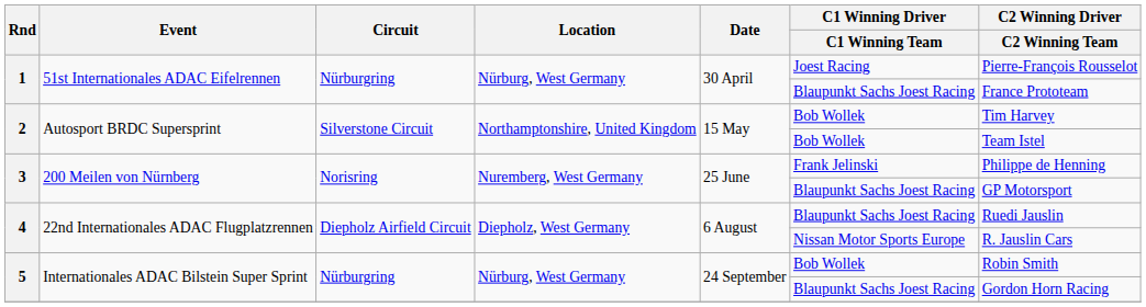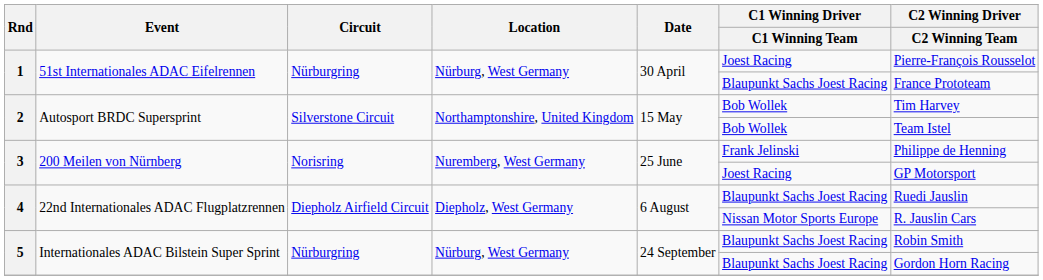 <table class="wikitable" style="font-size: 90%;">
 <tr>
 <th rowspan=2>Rnd</th>
 <th rowspan=2>Event</th>
 <th rowspan=2>Circuit</th>
 <th rowspan=2>Location</th>
 <th rowspan=2>Date</th>
 <th>C1 Winning Driver</th>
 <th>C2 Winning Driver</th>
 </tr>
 <tr>
 <th>C1 Winning Team</th>
 <th>C2 Winning Team</th>
 </tr>
 <tr>
 <th rowspan=2>1</th>
 <td rowspan=2><a href='#'>51st Internationales ADAC Eifelrennen</a></td>
 <td rowspan=2><a href='#'>Nürburgring</a></td>
 <td rowspan=2> <a href='#'>Nürburg</a>, <a href='#'>West Germany</a></td>
 <td rowspan=2>30 April</td>
 <td> <a href='#'>Joest Racing</a></td>
 <td> <a href='#'>Pierre-François Rousselot</a></td>
 </tr>
 <tr>
 <td> <a href='#'>Blaupunkt Sachs Joest Racing</a></td>
 <td> <a href='#'>France Prototeam</a></td>
 </tr>
 <tr>
 <th rowspan=2>2</th>
 <td rowspan=2>Autosport BRDC Supersprint</td>
 <td rowspan=2><a href='#'>Silverstone Circuit</a></td>
 <td rowspan=2> <a href='#'>Northamptonshire</a>, <a href='#'>United Kingdom</a></td>
 <td rowspan=2>15 May</td>
 <td> <a href='#'>Bob Wollek</a></td>
 <td> <a href='#'>Tim Harvey</a></td>
 </tr>
 <tr>
 <td> <a href='#'>Bob Wollek</a></td>
 <td> <a href='#'>Team Istel</a></td>
 </tr>
 <tr>
 <th rowspan=2>3</th>
 <td rowspan=2><a href='#'>200 Meilen von Nürnberg</a></td>
 <td rowspan=2><a href='#'>Norisring</a></td>
 <td rowspan=2> <a href='#'>Nuremberg</a>, <a href='#'>West Germany</a></td>
 <td rowspan=2>25 June</td>
 <td> <a href='#'>Frank Jelinski</a></td>
 <td> <a href='#'>Philippe de Henning</a></td>
 </tr>
 <tr>
-<td> <a href='#'>Blaupunkt Sachs Joest Racing</a></td>
+<td> <a href='#'>Joest Racing</a></td>
 <td> <a href='#'>GP Motorsport</a></td>
 </tr>
 <tr>
 <th rowspan=2>4</th>
 <td rowspan=2>22nd Internationales ADAC Flugplatzrennen</td>
 <td rowspan=2><a href='#'>Diepholz Airfield Circuit</a></td>
 <td rowspan=2> <a href='#'>Diepholz</a>, <a href='#'>West Germany</a></td>
 <td rowspan=2>6 August</td>
 <td> <a href='#'>Blaupunkt Sachs Joest Racing</a></td>
 <td> <a href='#'>Ruedi Jauslin</a></td>
 </tr>
 <tr>
 <td> <a href='#'>Nissan Motor Sports Europe</a></td>
 <td> <a href='#'>R. Jauslin Cars</a></td>
 </tr>
 <tr>
 <th rowspan=2>5</th>
 <td rowspan=2>Internationales ADAC Bilstein Super Sprint</td>
 <td rowspan=2><a href='#'>Nürburgring</a></td>
 <td rowspan=2> <a href='#'>Nürburg</a>, <a href='#'>West Germany</a></td>
 <td rowspan=2>24 September</td>
-<td> <a href='#'>Bob Wollek</a></td>
+<td> <a href='#'>Blaupunkt Sachs Joest Racing</a></td>
 <td> <a href='#'>Robin Smith</a></td>
 </tr>
 <tr>
 <td> <a href='#'>Blaupunkt Sachs Joest Racing</a></td>
 <td> <a href='#'>Gordon Horn Racing</a></td>
 </tr>
 <tr>
 </tr>
 </table>
